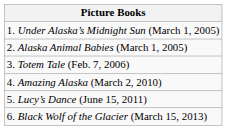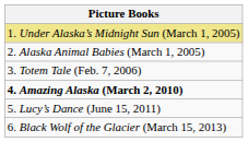 <table class="wikitable">
 <tr>
 <th>Picture Books</th>
 </tr>
 <tr>
-<td>1. <em>Under Alaska’s Midnight Sun</em> (March 1, 2005)</td>
+<td style="background: khaki;">1. <em>Under Alaska’s Midnight Sun</em> (March 1, 2005)</td>
 </tr>
 <tr>
 <td>2. <em>Alaska Animal Babies</em> (March 1, 2005)</td>
 </tr>
 <tr>
 <td>3. <em>Totem Tale</em> (Feb. 7, 2006)</td>
 </tr>
 <tr>
-<td>4. <em>Amazing Alaska</em> (March 2, 2010)</td>
+<td><strong>4. <em>Amazing Alaska</em> (March 2, 2010)</strong></td>
 </tr>
 <tr>
 <td>5. <em>Lucy’s Dance</em> (June 15, 2011)</td>
 </tr>
 <tr>
 <td>6. <em>Black Wolf of the Glacier</em> (March 15, 2013)</td>
 </tr>
 </table>
